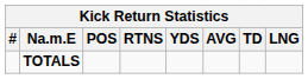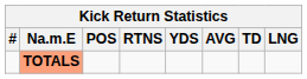 <table class="wikitable sortable collapsible collapsed">
 <tr>
 <th colspan="8">Kick Return Statistics</th>
 </tr>
 <tr>
 <th>#</th>
 <th>Na.m.E</th>
 <th>POS</th>
 <th>RTNS</th>
 <th>YDS</th>
 <th>AVG</th>
 <th>TD</th>
 <th>LNG</th>
 </tr>
 <tr>
 <td></td>
-<td><strong>TOTALS</strong></td>
+<td style="background: lightsalmon;"><strong>TOTALS</strong></td>
 <td></td>
 <td></td>
 <td></td>
 <td></td>
 <td></td>
 <td></td>
 </tr>
 </table>
